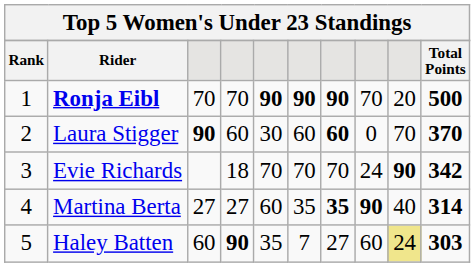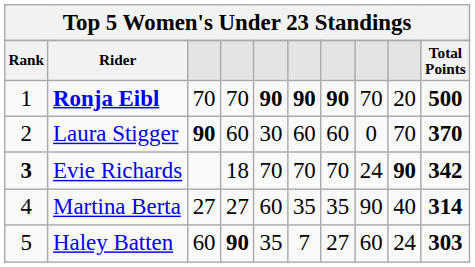 <table class="wikitable sortable">
 <tr>
 <th colspan=27 align="center"><strong>Top 5 Women's Under 23 Standings</strong></th>
 </tr>
 <tr>
 </tr>
 <tr style="font-size:8pt;font-weight:bold">
 <th align="center">Rank</th>
 <th align="center">Rider</th>
 <th class=unsortable style="background:#E5E4E2;"><small></small></th>
 <th class=unsortable style="background:#E5E4E2;"><small></small></th>
 <th class=unsortable style="background:#E5E4E2;"><small></small></th>
 <th class=unsortable style="background:#E5E4E2;"><small></small></th>
 <th class=unsortable style="background:#E5E4E2;"><small></small></th>
 <th class=unsortable style="background:#E5E4E2;"><small></small></th>
 <th class=unsortable style="background:#E5E4E2;"><small></small></th>
 <th align="center">Total<br>Points</th>
 </tr>
 <tr>
 <td align=center>1</td>
 <td> <strong><a href='#'>Ronja Eibl</a></strong></td>
 <td align=center>70</td>
 <td align=center>70</td>
 <td align=center><strong>90</strong></td>
 <td align=center><strong>90</strong></td>
 <td align=center><strong>90</strong></td>
 <td align=center>70</td>
 <td align=center>20</td>
 <td align=center><strong>500</strong></td>
 </tr>
 <tr>
 <td align=center>2</td>
 <td> <a href='#'>Laura Stigger</a></td>
 <td align=center><strong>90</strong></td>
 <td align=center>60</td>
 <td align=center>30</td>
 <td align=center>60</td>
-<td align=center><strong>60</strong></td>
+<td align=center>60</td>
 <td align=center>0</td>
 <td align=center>70</td>
 <td align=center><strong>370</strong></td>
 </tr>
 <tr>
-<td align=center>3</td>
+<td align=center><strong>3</strong></td>
 <td> <a href='#'>Evie Richards</a></td>
 <td align=center></td>
 <td align=center>18</td>
 <td align=center>70</td>
 <td align=center>70</td>
 <td align=center>70</td>
 <td align=center>24</td>
 <td align=center><strong>90</strong></td>
 <td align=center><strong>342</strong></td>
 </tr>
 <tr>
 <td align=center>4</td>
 <td> <a href='#'>Martina Berta</a></td>
 <td align=center>27</td>
 <td align=center>27</td>
 <td align=center>60</td>
 <td align=center>35</td>
-<td align=center><strong>35</strong></td>
-<td align=center><strong>90</strong></td>
+<td align=center>35</td>
+<td align=center>90</td>
 <td align=center>40</td>
 <td align=center><strong>314</strong></td>
 </tr>
 <tr>
 <td align=center>5</td>
 <td> <a href='#'>Haley Batten</a></td>
 <td align=center>60</td>
 <td align=center><strong>90</strong></td>
 <td align=center>35</td>
 <td align=center>7</td>
 <td align=center>27</td>
 <td align=center>60</td>
-<td align=center style="background: khaki;">24</td>
+<td align=center>24</td>
 <td align=center><strong>303</strong></td>
 </tr>
 </table>
